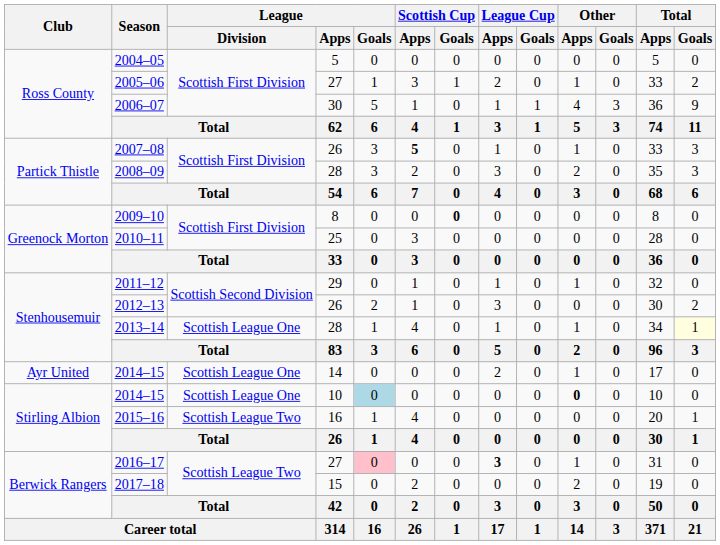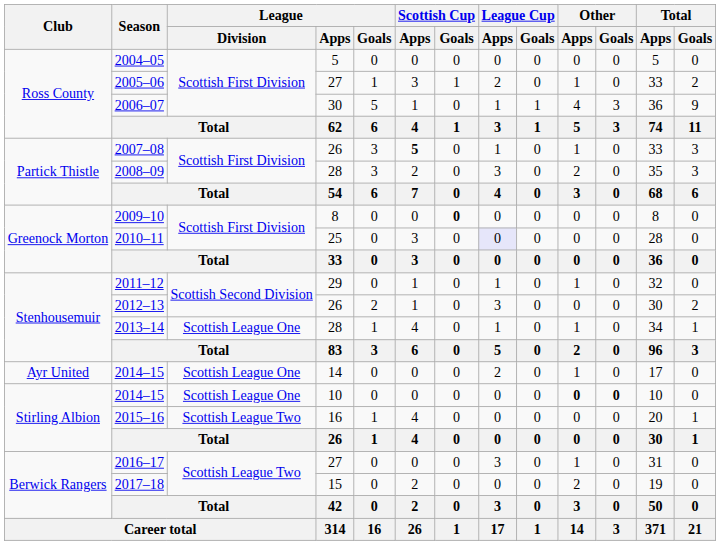 <table class="wikitable" style="text-align:center">
 <tr>
 <th rowspan="2">Club</th>
 <th rowspan="2">Season</th>
 <th colspan="3">League</th>
 <th colspan="2"><a href='#'>Scottish Cup</a></th>
 <th colspan="2"><a href='#'>League Cup</a></th>
 <th colspan="2">Other</th>
 <th colspan="2">Total</th>
 </tr>
 <tr>
 <th>Division</th>
 <th>Apps</th>
 <th>Goals</th>
 <th>Apps</th>
 <th>Goals</th>
 <th>Apps</th>
 <th>Goals</th>
 <th>Apps</th>
 <th>Goals</th>
 <th>Apps</th>
 <th>Goals</th>
 </tr>
 <tr>
 <td rowspan="4"><a href='#'>Ross County</a></td>
 <td><a href='#'>2004–05</a></td>
 <td rowspan="3"><a href='#'>Scottish First Division</a></td>
 <td>5</td>
 <td>0</td>
 <td>0</td>
 <td>0</td>
 <td>0</td>
 <td>0</td>
 <td>0</td>
 <td>0</td>
 <td>5</td>
 <td>0</td>
 </tr>
 <tr>
 <td><a href='#'>2005–06</a></td>
 <td>27</td>
 <td>1</td>
 <td>3</td>
 <td>1</td>
 <td>2</td>
 <td>0</td>
 <td>1</td>
 <td>0</td>
 <td>33</td>
 <td>2</td>
 </tr>
 <tr>
 <td><a href='#'>2006–07</a></td>
 <td>30</td>
 <td>5</td>
 <td>1</td>
 <td>0</td>
 <td>1</td>
 <td>1</td>
 <td>4</td>
 <td>3</td>
 <td>36</td>
 <td>9</td>
 </tr>
 <tr>
 <th colspan="2">Total</th>
 <th>62</th>
 <th>6</th>
 <th>4</th>
 <th>1</th>
 <th>3</th>
 <th>1</th>
 <th>5</th>
 <th>3</th>
 <th>74</th>
 <th>11</th>
 </tr>
 <tr>
 <td rowspan="3"><a href='#'>Partick Thistle</a></td>
 <td><a href='#'>2007–08</a></td>
 <td rowspan="2"><a href='#'>Scottish First Division</a></td>
 <td>26</td>
 <td>3</td>
 <td><strong>5</strong></td>
 <td>0</td>
 <td>1</td>
 <td>0</td>
 <td>1</td>
 <td>0</td>
 <td>33</td>
 <td>3</td>
 </tr>
 <tr>
 <td><a href='#'>2008–09</a></td>
 <td>28</td>
 <td>3</td>
 <td>2</td>
 <td>0</td>
 <td>3</td>
 <td>0</td>
 <td>2</td>
 <td>0</td>
 <td>35</td>
 <td>3</td>
 </tr>
 <tr>
 <th colspan="2">Total</th>
 <th>54</th>
 <th>6</th>
 <th>7</th>
 <th>0</th>
 <th>4</th>
 <th>0</th>
 <th>3</th>
 <th>0</th>
 <th>68</th>
 <th>6</th>
 </tr>
 <tr>
 <td rowspan="3"><a href='#'>Greenock Morton</a></td>
 <td><a href='#'>2009–10</a></td>
 <td rowspan="2"><a href='#'>Scottish First Division</a></td>
 <td>8</td>
 <td>0</td>
 <td>0</td>
 <td><strong>0</strong></td>
 <td>0</td>
 <td>0</td>
 <td>0</td>
 <td>0</td>
 <td>8</td>
 <td>0</td>
 </tr>
 <tr>
 <td><a href='#'>2010–11</a></td>
 <td>25</td>
 <td>0</td>
 <td>3</td>
 <td>0</td>
-<td>0</td>
+<td style="background: lavender;">0</td>
 <td>0</td>
 <td>0</td>
 <td>0</td>
 <td>28</td>
 <td>0</td>
 </tr>
 <tr>
 <th colspan="2">Total</th>
 <th>33</th>
 <th>0</th>
 <th>3</th>
 <th>0</th>
 <th>0</th>
 <th>0</th>
 <th>0</th>
 <th>0</th>
 <th>36</th>
 <th>0</th>
 </tr>
 <tr>
 <td rowspan="4"><a href='#'>Stenhousemuir</a></td>
 <td><a href='#'>2011–12</a></td>
 <td rowspan="2"><a href='#'>Scottish Second Division</a></td>
 <td>29</td>
 <td>0</td>
 <td>1</td>
 <td>0</td>
 <td>1</td>
 <td>0</td>
 <td>1</td>
 <td>0</td>
 <td>32</td>
 <td>0</td>
 </tr>
 <tr>
 <td><a href='#'>2012–13</a></td>
 <td>26</td>
 <td>2</td>
 <td>1</td>
 <td>0</td>
 <td>3</td>
 <td>0</td>
 <td>0</td>
 <td>0</td>
 <td>30</td>
 <td>2</td>
 </tr>
 <tr>
 <td><a href='#'>2013–14</a></td>
 <td><a href='#'>Scottish League One</a></td>
 <td>28</td>
 <td>1</td>
 <td>4</td>
 <td>0</td>
 <td>1</td>
 <td>0</td>
 <td>1</td>
 <td>0</td>
 <td>34</td>
-<td style="background: lightyellow;">1</td>
+<td>1</td>
 </tr>
 <tr>
 <th colspan="2">Total</th>
 <th>83</th>
 <th>3</th>
 <th>6</th>
 <th>0</th>
 <th>5</th>
 <th>0</th>
 <th>2</th>
 <th>0</th>
 <th>96</th>
 <th>3</th>
 </tr>
 <tr>
 <td><a href='#'>Ayr United</a></td>
 <td><a href='#'>2014–15</a></td>
 <td><a href='#'>Scottish League One</a></td>
 <td>14</td>
 <td>0</td>
 <td>0</td>
 <td>0</td>
 <td>2</td>
 <td>0</td>
 <td>1</td>
 <td>0</td>
 <td>17</td>
 <td>0</td>
 </tr>
 <tr>
 <td rowspan="3"><a href='#'>Stirling Albion</a></td>
 <td><a href='#'>2014–15</a></td>
 <td><a href='#'>Scottish League One</a></td>
 <td>10</td>
-<td style="background: lightblue;">0</td>
+<td>0</td>
 <td>0</td>
 <td>0</td>
 <td>0</td>
 <td>0</td>
 <td><strong>0</strong></td>
-<td>0</td>
+<td><strong>0</strong></td>
 <td>10</td>
 <td>0</td>
 </tr>
 <tr>
 <td><a href='#'>2015–16</a></td>
 <td><a href='#'>Scottish League Two</a></td>
 <td>16</td>
 <td>1</td>
 <td>4</td>
 <td>0</td>
 <td>0</td>
 <td>0</td>
 <td>0</td>
 <td>0</td>
 <td>20</td>
 <td>1</td>
 </tr>
 <tr>
 <th colspan="2">Total</th>
 <th>26</th>
 <th>1</th>
 <th>4</th>
 <th>0</th>
 <th>0</th>
 <th>0</th>
 <th>0</th>
 <th>0</th>
 <th>30</th>
 <th>1</th>
 </tr>
 <tr>
 <td rowspan="3"><a href='#'>Berwick Rangers</a></td>
 <td><a href='#'>2016–17</a></td>
 <td rowspan="2"><a href='#'>Scottish League Two</a></td>
 <td>27</td>
-<td style="background: pink;">0</td>
 <td>0</td>
 <td>0</td>
-<td><strong>3</strong></td>
+<td>0</td>
+<td>3</td>
 <td>0</td>
 <td>1</td>
 <td>0</td>
 <td>31</td>
 <td>0</td>
 </tr>
 <tr>
 <td><a href='#'>2017–18</a></td>
 <td>15</td>
 <td>0</td>
 <td>2</td>
 <td>0</td>
 <td>0</td>
 <td>0</td>
 <td>2</td>
 <td>0</td>
 <td>19</td>
 <td>0</td>
 </tr>
 <tr>
 <th colspan="2">Total</th>
 <th>42</th>
 <th>0</th>
 <th>2</th>
 <th>0</th>
 <th>3</th>
 <th>0</th>
 <th>3</th>
 <th>0</th>
 <th>50</th>
 <th>0</th>
 </tr>
 <tr>
 <th colspan="3">Career total</th>
 <th>314</th>
 <th>16</th>
 <th>26</th>
 <th>1</th>
 <th>17</th>
 <th>1</th>
 <th>14</th>
 <th>3</th>
 <th>371</th>
 <th>21</th>
 </tr>
 </table>
